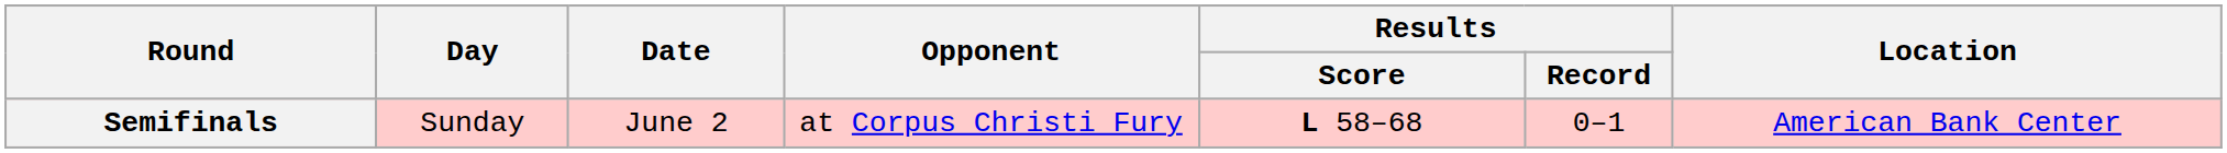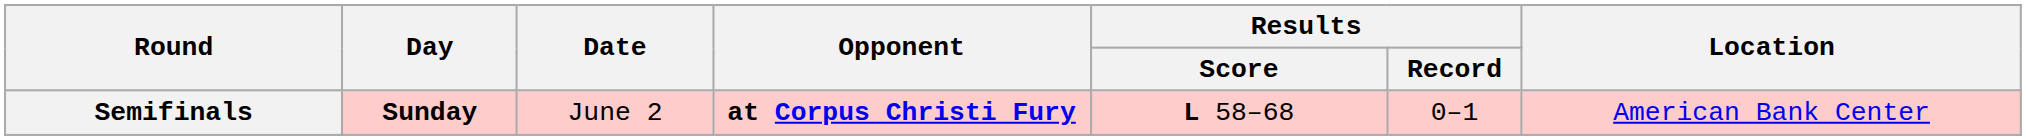 <table class="wikitable">
 <tr>
 <th rowspan="2" width="160">Round</th>
 <th rowspan="2" width="80">Day</th>
 <th rowspan="2" width="90">Date</th>
 <th rowspan="2" width="180">Opponent</th>
 <th colspan="2" width="200">Results</th>
 <th rowspan="2" width="240">Location</th>
 </tr>
 <tr>
 <th width="140">Score</th>
 <th width="60">Record</th>
 </tr>
 <tr align="center" bgcolor="#FFCCCC">
 <th>Semifinals</th>
-<td>Sunday</td>
+<td><strong>Sunday</strong></td>
 <td>June 2</td>
-<td>at <a href='#'>Corpus Christi Fury</a></td>
+<td><strong>at <a href='#'>Corpus Christi Fury</a></strong></td>
 <td><strong>L</strong> 58–68</td>
 <td>0–1</td>
 <td><a href='#'>American Bank Center</a></td>
 </tr>
 </table>
